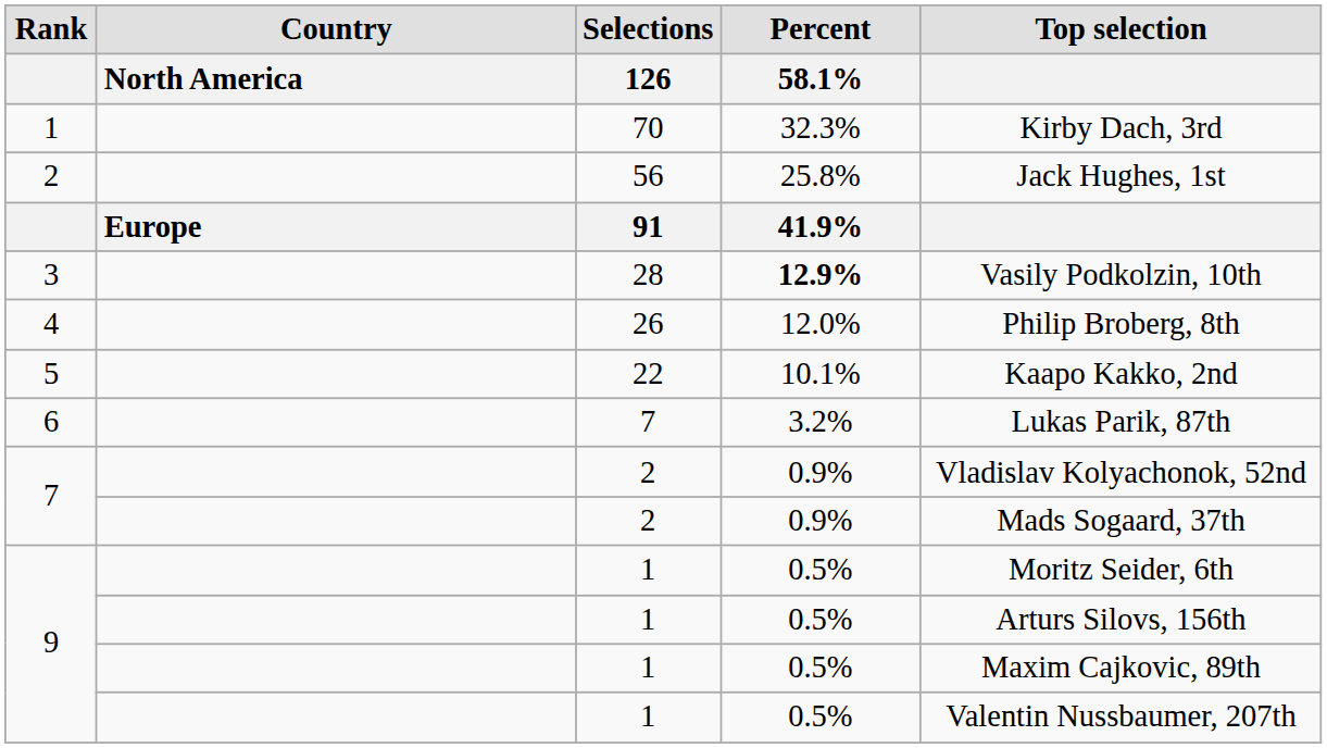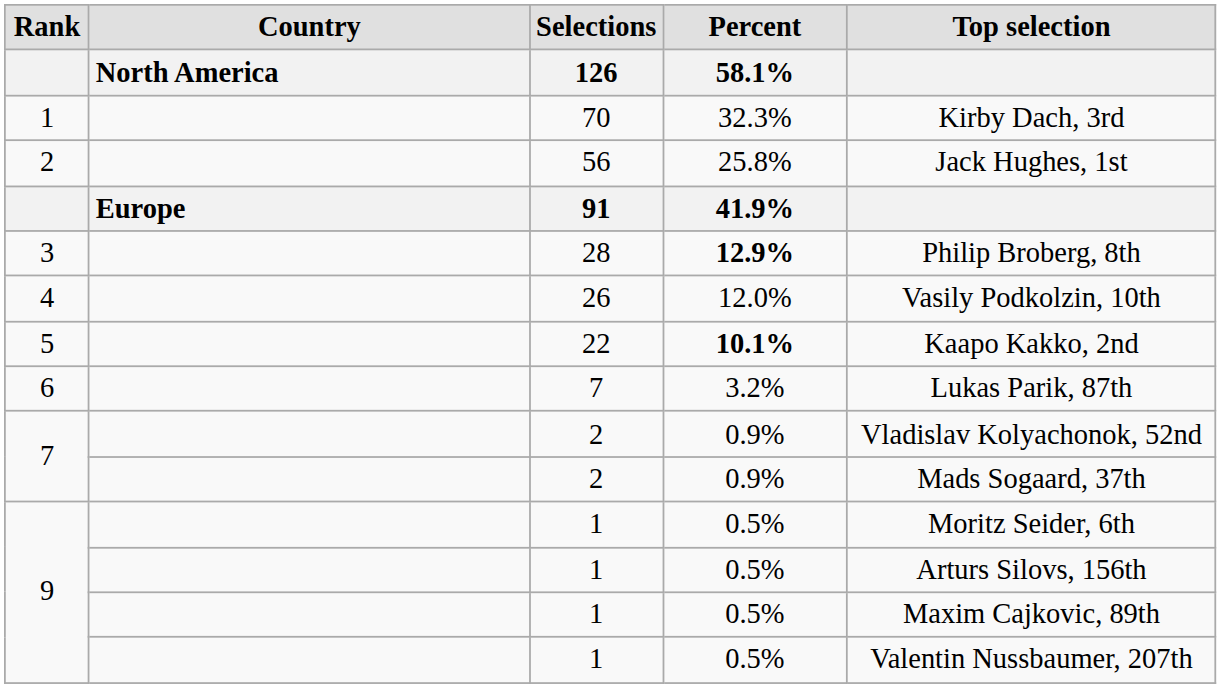 <table class="wikitable" style="text-align: center">
 <tr>
 <th style="background:#e0e0e0; width:2.5em;">Rank</th>
 <th style="background:#e0e0e0; width:15em;">Country</th>
 <th style="background:#e0e0e0; width:4em;">Selections</th>
 <th style="background:#e0e0e0; width:6em;">Percent</th>
 <th style="background:#e0e0e0; width:12.5em;">Top selection</th>
 </tr>
 <tr>
 <th></th>
 <th style="text-align:left;">North America</th>
 <th>126</th>
 <th>58.1%</th>
 <th></th>
 </tr>
 <tr>
 <td>1</td>
 <td style="text-align:left;"></td>
 <td>70</td>
 <td>32.3%</td>
 <td>Kirby Dach, 3rd</td>
 </tr>
 <tr>
 <td>2</td>
 <td style="text-align:left;"></td>
 <td>56</td>
 <td>25.8%</td>
 <td>Jack Hughes, 1st</td>
 </tr>
 <tr>
 <th></th>
 <th style="text-align:left;">Europe</th>
 <th>91</th>
 <th>41.9%</th>
 <th></th>
 </tr>
 <tr>
 <td>3</td>
 <td style="text-align:left;"></td>
 <td>28</td>
 <td><strong>12.9%</strong></td>
-<td>Vasily Podkolzin, 10th</td>
+<td>Philip Broberg, 8th</td>
 </tr>
 <tr>
 <td>4</td>
 <td style="text-align:left;"></td>
 <td>26</td>
 <td>12.0%</td>
-<td>Philip Broberg, 8th</td>
+<td>Vasily Podkolzin, 10th</td>
 </tr>
 <tr>
 <td>5</td>
 <td style="text-align:left;"></td>
 <td>22</td>
-<td>10.1%</td>
+<td><strong>10.1%</strong></td>
 <td>Kaapo Kakko, 2nd</td>
 </tr>
 <tr>
 <td>6</td>
 <td style="text-align:left;"></td>
 <td>7</td>
 <td>3.2%</td>
 <td>Lukas Parik, 87th</td>
 </tr>
 <tr>
 <td rowspan="2">7</td>
 <td style="text-align:left;"></td>
 <td>2</td>
 <td>0.9%</td>
 <td>Vladislav Kolyachonok, 52nd</td>
 </tr>
 <tr>
 <td style="text-align:left;"></td>
 <td>2</td>
 <td>0.9%</td>
 <td>Mads Sogaard, 37th</td>
 </tr>
 <tr>
 <td rowspan="4">9</td>
 <td style="text-align:left;"></td>
 <td>1</td>
 <td>0.5%</td>
 <td>Moritz Seider, 6th</td>
 </tr>
 <tr>
 <td style="text-align:left;"></td>
 <td>1</td>
 <td>0.5%</td>
 <td>Arturs Silovs, 156th</td>
 </tr>
 <tr>
 <td style="text-align:left;"></td>
 <td>1</td>
 <td>0.5%</td>
 <td>Maxim Cajkovic, 89th</td>
 </tr>
 <tr>
 <td style="text-align:left;"></td>
 <td>1</td>
 <td>0.5%</td>
 <td>Valentin Nussbaumer, 207th</td>
 </tr>
 </table>
